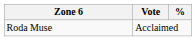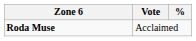 <table class="wikitable">
 <tr>
 <th bgcolor="#DDDDFF" width="200px">Zone 6</th>
 <th bgcolor="#DDDDFF" width="50px">Vote</th>
 <th bgcolor="#DDDDFF" width="30px">%</th>
 </tr>
 <tr>
-<td>Roda Muse</td>
+<td><strong>Roda Muse</strong></td>
 <td colspan="2">Acclaimed</td>
 </tr>
 </table>
